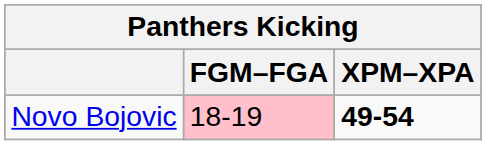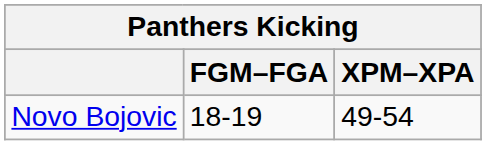 <table class="wikitable">
 <tr>
 <th colspan="8">Panthers Kicking</th>
 </tr>
 <tr>
 <th></th>
 <th>FGM–FGA</th>
 <th>XPM–XPA</th>
 </tr>
 <tr>
 <td><a href='#'>Novo Bojovic</a></td>
-<td style="background: pink;">18-19</td>
-<td><strong>49-54</strong></td>
+<td>18-19</td>
+<td>49-54</td>
 </tr>
 </table>
